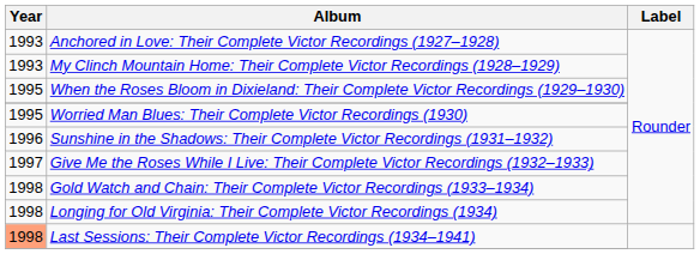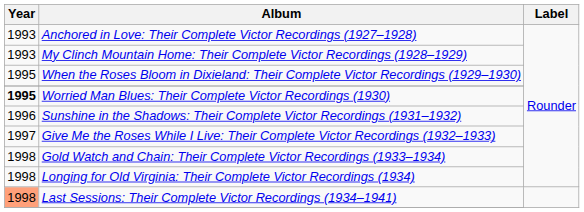 <table class="wikitable">
 <tr>
 <th>Year</th>
 <th>Album</th>
 <th>Label</th>
 </tr>
 <tr>
 <td>1993</td>
 <td><em><a href='#'>Anchored in Love: Their Complete Victor Recordings (1927–1928)</a></em></td>
 <td rowspan="9"><a href='#'>Rounder</a></td>
 </tr>
 <tr>
 <td>1993</td>
 <td><em><a href='#'>My Clinch Mountain Home: Their Complete Victor Recordings (1928–1929)</a></em></td>
 </tr>
 <tr>
 <td>1995</td>
 <td><em><a href='#'>When the Roses Bloom in Dixieland: Their Complete Victor Recordings (1929–1930)</a></em></td>
 </tr>
 <tr>
 </tr>
 <tr>
-<td>1995</td>
+<td><strong>1995</strong></td>
 <td><em><a href='#'>Worried Man Blues: Their Complete Victor Recordings (1930)</a></em></td>
 </tr>
 <tr>
 <td>1996</td>
 <td><em><a href='#'>Sunshine in the Shadows: Their Complete Victor Recordings (1931–1932)</a></em></td>
 </tr>
 <tr>
 <td>1997</td>
 <td><em><a href='#'>Give Me the Roses While I Live: Their Complete Victor Recordings (1932–1933)</a></em></td>
 </tr>
 <tr>
 <td>1998</td>
 <td><em><a href='#'>Gold Watch and Chain: Their Complete Victor Recordings (1933–1934)</a></em></td>
 </tr>
 <tr>
 <td>1998</td>
 <td><em><a href='#'>Longing for Old Virginia: Their Complete Victor Recordings (1934)</a></em></td>
 </tr>
 <tr>
 <td style="background: lightsalmon;">1998</td>
 <td><em><a href='#'>Last Sessions: Their Complete Victor Recordings (1934–1941)</a></em></td>
 </tr>
 <tr>
 </tr>
 </table>
